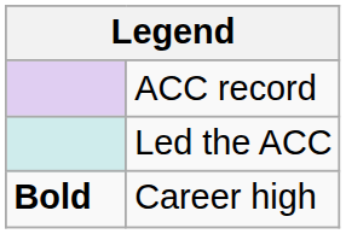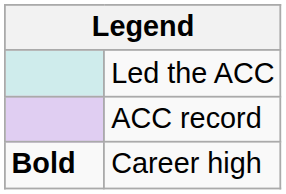 <table class="wikitable">
 <tr>
 <th colspan="2">Legend</th>
+</tr>
+<tr>
+<td style="background:#cfecec; width:3em;"></td>
+<td>Led the ACC</td>
 </tr>
 <tr>
 <td style="background:#E0CEF2; width:3em"></td>
 <td>ACC record</td>
 </tr>
 <tr>
-<td style="background:#cfecec; width:3em;"></td>
-<td>Led the ACC</td>
-</tr>
-<tr>
 <td><strong>Bold</strong></td>
 <td>Career high</td>
 </tr>
 </table>
